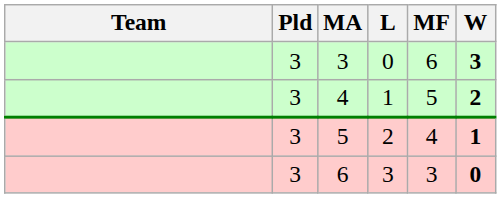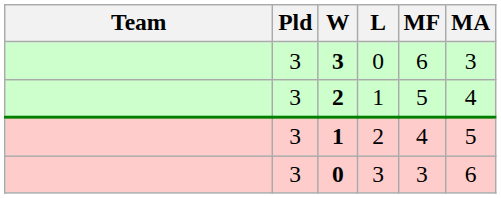 <table class=wikitable style="text-align:center">
 <tr>
 <th width=175>Team</th>
 <th width=20>Pld</th>
-<th width=20>MA</th>
+<th width=20>W</th>
 <th width=20>L</th>
 <th width=20>MF</th>
-<th width=20>W</th>
+<th width=20>MA</th>
 </tr>
 <tr bgcolor=ccffcc>
 <td style="text-align:left"></td>
 <td>3</td>
-<td>3</td>
+<td><strong>3</strong></td>
 <td>0</td>
 <td>6</td>
-<td><strong>3</strong></td>
+<td>3</td>
 </tr>
 <tr bgcolor=ccffcc style="border-bottom:2px solid green;">
 <td style="text-align:left"></td>
 <td>3</td>
-<td>4</td>
+<td><strong>2</strong></td>
 <td>1</td>
 <td>5</td>
-<td><strong>2</strong></td>
+<td>4</td>
 </tr>
 <tr bgcolor=ffcccc>
 <td style="text-align:left"></td>
 <td>3</td>
-<td>5</td>
+<td><strong>1</strong></td>
 <td>2</td>
 <td>4</td>
-<td><strong>1</strong></td>
+<td>5</td>
 </tr>
 <tr bgcolor=ffcccc>
 <td style="text-align:left"></td>
 <td>3</td>
-<td>6</td>
+<td><strong>0</strong></td>
 <td>3</td>
 <td>3</td>
-<td><strong>0</strong></td>
+<td>6</td>
 </tr>
 </table>
